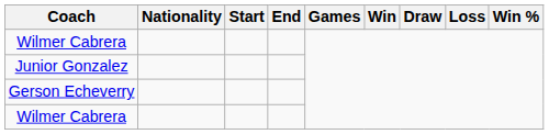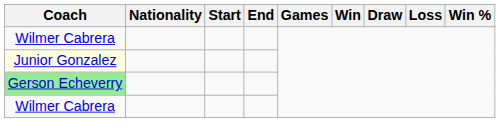 <table class="wikitable" style="text-align:center; margin-left: lem;">
 <tr>
 <th>Coach</th>
 <th>Nationality</th>
 <th>Start</th>
 <th>End</th>
 <th>Games</th>
 <th><strong>Win</strong></th>
 <th>Draw</th>
 <th>Loss</th>
 <th>Win %</th>
 </tr>
 <tr>
 <td><a href='#'>Wilmer Cabrera</a></td>
 <td></td>
 <td></td>
 <td><br></td>
 </tr>
 <tr>
-<td><a href='#'>Junior Gonzalez</a></td>
+<td style="background: lightyellow;"><a href='#'>Junior Gonzalez</a></td>
 <td></td>
 <td></td>
 <td><br></td>
 </tr>
 <tr>
-<td><a href='#'>Gerson Echeverry</a></td>
+<td style="background: lightgreen;"><a href='#'>Gerson Echeverry</a></td>
 <td></td>
 <td></td>
 <td><br></td>
 </tr>
 <tr>
 <td><a href='#'>Wilmer Cabrera</a></td>
 <td></td>
 <td></td>
 <td><br></td>
 </tr>
 </table>
